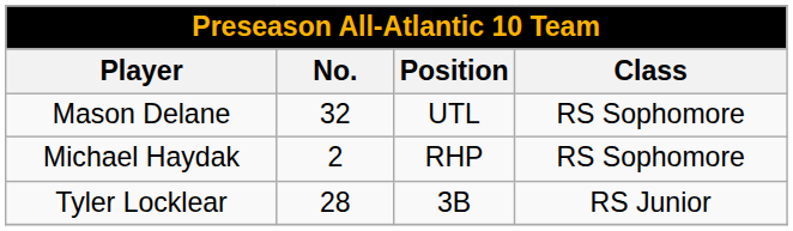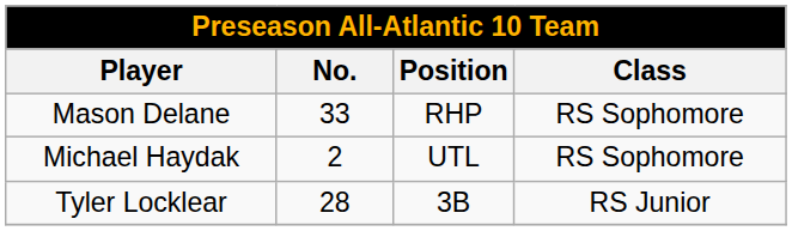 <table class="wikitable" style="text-align:center">
 <tr>
 <td colspan="5" style= "background: #000000; color:#FFB300"><strong>Preseason All-Atlantic 10 Team</strong></td>
 </tr>
 <tr>
 <th style="width:150px; ">Player</th>
 <th style="width:60px; ">No.</th>
 <th style="width:60px; ">Position</th>
 <th style="width:150px; ">Class</th>
 </tr>
 <tr>
 <td>Mason Delane</td>
-<td>32</td>
-<td>UTL</td>
+<td>33</td>
+<td>RHP</td>
 <td>RS Sophomore</td>
 </tr>
 <tr>
 <td>Michael Haydak</td>
 <td>2</td>
-<td>RHP</td>
+<td>UTL</td>
 <td>RS Sophomore</td>
 </tr>
 <tr>
 <td>Tyler Locklear</td>
 <td>28</td>
 <td>3B</td>
 <td>RS Junior</td>
 </tr>
 <tr>
 </tr>
 </table>
